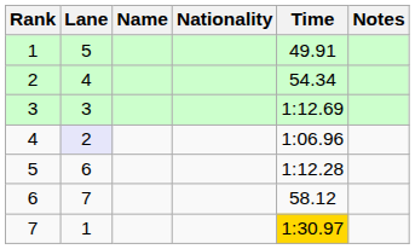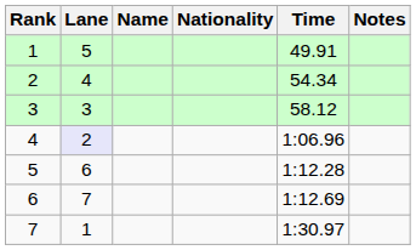 <table class="wikitable sortable" style="text-align:center">
 <tr>
 <th>Rank</th>
 <th>Lane</th>
 <th>Name</th>
 <th>Nationality</th>
 <th>Time</th>
 <th>Notes</th>
 </tr>
 <tr bgcolor=ccffcc>
 <td>1</td>
 <td>5</td>
 <td align=left></td>
 <td align=left></td>
 <td>49.91</td>
 <td><strong></strong> <strong></strong></td>
 </tr>
 <tr bgcolor=ccffcc>
 <td>2</td>
 <td>4</td>
 <td align=left></td>
 <td align=left></td>
 <td>54.34</td>
 <td><strong></strong></td>
 </tr>
 <tr bgcolor=ccffcc>
 <td>3</td>
 <td>3</td>
 <td align=left></td>
 <td align=left></td>
-<td>1:12.69</td>
+<td>58.12</td>
 <td><strong></strong></td>
 </tr>
 <tr>
 <td>4</td>
 <td style="background: lavender;">2</td>
 <td align=left></td>
 <td align=left></td>
 <td>1:06.96</td>
 <td></td>
 </tr>
 <tr>
 <td>5</td>
 <td>6</td>
 <td align=left></td>
 <td align=left></td>
 <td>1:12.28</td>
 <td></td>
 </tr>
 <tr>
 <td>6</td>
 <td>7</td>
 <td align=left></td>
 <td align=left></td>
-<td>58.12</td>
+<td>1:12.69</td>
 <td></td>
 </tr>
 <tr>
 <td>7</td>
 <td>1</td>
 <td align=left></td>
 <td align=left></td>
-<td style="background: gold;">1:30.97</td>
+<td>1:30.97</td>
 <td></td>
 </tr>
 </table>
